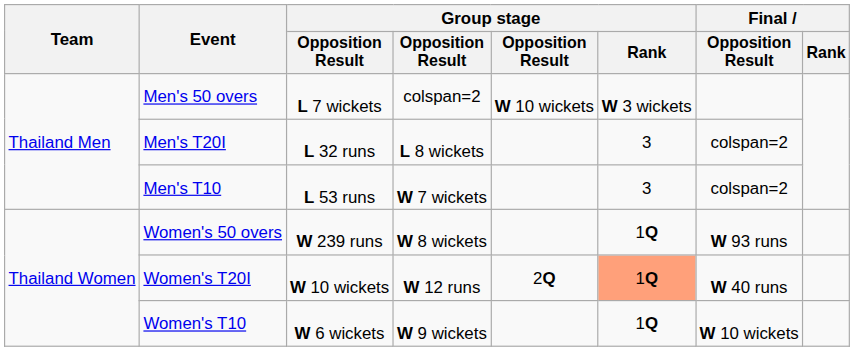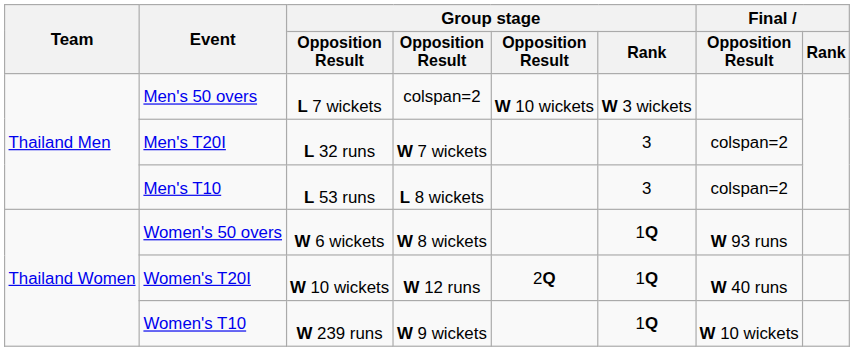 <table class="wikitable" style="font-size:90%;text-align:center;">
 <tr>
 <th rowspan=2>Team</th>
 <th rowspan=2>Event</th>
 <th colspan=4>Group stage</th>
 <th colspan=2>Final / </th>
 </tr>
 <tr style=font-size:95%>
 <th>Opposition<br>Result</th>
 <th>Opposition<br>Result</th>
 <th>Opposition<br>Result</th>
 <th>Rank</th>
 <th>Opposition<br>Result</th>
 <th>Rank</th>
 </tr>
 <tr>
 <td align=left rowspan="3"><a href='#'>Thailand Men</a></td>
 <td align=left><a href='#'>Men's 50 overs</a></td>
 <td><br><strong>L</strong> 7 wickets</td>
 <td>colspan=2 </td>
 <td><br><strong>W</strong> 10 wickets</td>
 <td><br><strong>W</strong> 3 wickets</td>
 <td></td>
 </tr>
 <tr>
 <td align=left><a href='#'>Men's T20I</a></td>
 <td><br><strong>L</strong> 32 runs</td>
-<td><br><strong>L</strong> 8 wickets</td>
+<td><br><strong>W</strong> 7 wickets</td>
 <td></td>
 <td>3</td>
 <td>colspan=2 </td>
 </tr>
 <tr>
 <td align=left><a href='#'>Men's T10</a></td>
 <td><br><strong>L</strong> 53 runs</td>
-<td><br><strong>W</strong> 7 wickets</td>
+<td><br><strong>L</strong> 8 wickets</td>
 <td></td>
 <td>3</td>
 <td>colspan=2 </td>
 </tr>
 <tr>
 <td align=left rowspan="3"><a href='#'>Thailand Women</a></td>
 <td align=left><a href='#'>Women's 50 overs</a></td>
-<td><br><strong>W</strong> 239 runs</td>
+<td><br><strong>W</strong> 6 wickets</td>
 <td><br><strong>W</strong> 8 wickets</td>
 <td></td>
 <td>1<strong>Q</strong></td>
 <td><br><strong>W</strong> 93 runs</td>
 <td></td>
 </tr>
 <tr>
 <td align=left><a href='#'>Women's T20I</a></td>
 <td><br><strong>W</strong> 10 wickets</td>
 <td><br><strong>W</strong> 12 runs</td>
 <td>2<strong>Q</strong></td>
-<td style="background: lightsalmon;">1<strong>Q</strong></td>
+<td>1<strong>Q</strong></td>
 <td><br><strong>W</strong> 40 runs</td>
 <td></td>
 </tr>
 <tr>
 <td align=left><a href='#'>Women's T10</a></td>
-<td><br><strong>W</strong> 6 wickets</td>
+<td><br><strong>W</strong> 239 runs</td>
 <td><br><strong>W</strong> 9 wickets</td>
 <td></td>
 <td>1<strong>Q</strong></td>
 <td><br><strong>W</strong> 10 wickets</td>
 <td></td>
 </tr>
 </table>
